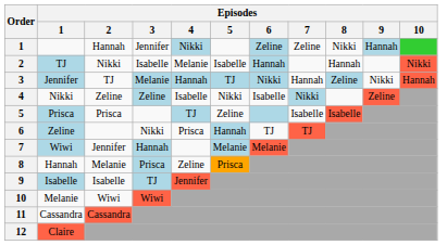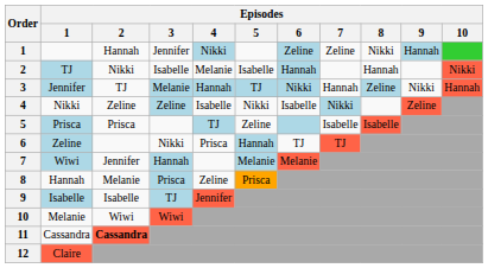 <table class="wikitable" style="text-align:center; font-size:92%">
 <tr>
 <th rowspan="2">Order</th>
 <th colspan="10">Episodes</th>
 </tr>
 <tr>
 <th>1</th>
 <th>2</th>
 <th>3</th>
 <th>4</th>
 <th>5</th>
 <th>6</th>
 <th>7</th>
 <th>8</th>
 <th>9</th>
 <th>10</th>
 </tr>
 <tr>
 <th>1</th>
 <td></td>
 <td>Hannah</td>
 <td>Jennifer</td>
 <td style="background: lightblue;">Nikki</td>
 <td></td>
 <td style="background: lightblue;">Zeline</td>
 <td>Zeline</td>
 <td>Nikki</td>
 <td style="background: lightblue;">Hannah</td>
 <td bgcolor="limegreen"></td>
 </tr>
 <tr>
 <th>2</th>
 <td style="background: lightblue;">TJ</td>
 <td>Nikki</td>
 <td>Isabelle</td>
 <td>Melanie</td>
 <td>Isabelle</td>
 <td style="background: lightblue;">Hannah</td>
 <td></td>
 <td>Hannah</td>
 <td></td>
 <td bgcolor="tomato">Nikki</td>
 </tr>
 <tr>
 <th>3</th>
 <td style="background: lightblue;">Jennifer</td>
 <td>TJ</td>
 <td style="background: lightblue;">Melanie</td>
 <td style="background: lightblue;">Hannah</td>
 <td style="background: lightblue;">TJ</td>
 <td style="background: lightblue;">Nikki</td>
 <td>Hannah</td>
 <td style="background: lightblue;">Zeline</td>
 <td>Nikki</td>
 <td bgcolor="tomato">Hannah</td>
 </tr>
 <tr>
 <th>4</th>
 <td>Nikki</td>
 <td>Zeline</td>
 <td style="background: lightblue;">Zeline</td>
 <td>Isabelle</td>
 <td>Nikki</td>
 <td>Isabelle</td>
 <td style="background: lightblue;">Nikki</td>
 <td></td>
 <td bgcolor="tomato">Zeline</td>
 <td colspan="12" bgcolor="darkgrey"></td>
 </tr>
 <tr>
 <th>5</th>
 <td style="background: lightblue;">Prisca</td>
 <td>Prisca</td>
 <td></td>
 <td style="background: lightblue;">TJ</td>
 <td>Zeline</td>
 <td style="background: lightblue;"></td>
 <td>Isabelle</td>
 <td bgcolor="tomato">Isabelle</td>
 <td colspan="11" bgcolor="darkgrey"></td>
 </tr>
 <tr>
 <th>6</th>
 <td style="background: lightblue;">Zeline</td>
 <td></td>
 <td>Nikki</td>
 <td>Prisca</td>
 <td style="background: lightblue;">Hannah</td>
 <td>TJ</td>
 <td bgcolor="tomato">TJ</td>
 <td colspan="10" bgcolor="darkgrey"></td>
 </tr>
 <tr>
 <th>7</th>
 <td style="background: lightblue;">Wiwi</td>
 <td>Jennifer</td>
 <td style="background: lightblue;">Hannah</td>
 <td></td>
 <td style="background: lightblue;">Melanie</td>
 <td bgcolor="tomato">Melanie</td>
 <td colspan="9" bgcolor="darkgrey"></td>
 </tr>
 <tr>
 <th>8</th>
 <td>Hannah</td>
 <td>Melanie</td>
 <td style="background: lightblue;">Prisca</td>
 <td>Zeline</td>
 <td bgcolor="orange">Prisca</td>
 <td colspan="10" bgcolor="darkgrey"></td>
 </tr>
 <tr>
 <th>9</th>
 <td style="background: lightblue;">Isabelle</td>
 <td>Isabelle</td>
 <td style="background: lightblue;">TJ</td>
 <td bgcolor="tomato">Jennifer</td>
 <td colspan="10" bgcolor="darkgrey"></td>
 </tr>
 <tr>
 <th>10</th>
 <td>Melanie</td>
 <td>Wiwi</td>
 <td bgcolor="tomato">Wiwi</td>
 <td colspan="11" bgcolor="darkgrey"></td>
 </tr>
 <tr>
 <th>11</th>
 <td>Cassandra</td>
-<td bgcolor="tomato">Cassandra</td>
+<td bgcolor="tomato"><strong>Cassandra</strong></td>
 <td colspan="12" bgcolor="darkgrey"></td>
 </tr>
 <tr>
 <th>12</th>
 <td bgcolor="tomato">Claire</td>
 <td colspan="13"style="background:darkgrey;"></td>
 </tr>
 </table>
